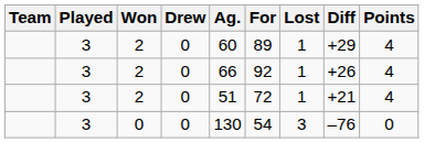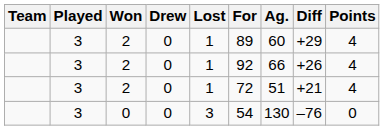 <table class="wikitable" style="text-align:center">
 <tr>
 <th>Team</th>
 <th>Played</th>
 <th>Won</th>
 <th>Drew</th>
+<th>Lost</th>
+<th>For</th>
 <th>Ag.</th>
-<th>For</th>
-<th>Lost</th>
 <th>Diff</th>
 <th>Points</th>
 </tr>
 <tr>
 <td align=left></td>
 <td>3</td>
 <td>2</td>
 <td>0</td>
+<td>1</td>
+<td>89</td>
 <td>60</td>
-<td>89</td>
-<td>1</td>
 <td>+29</td>
 <td>4</td>
 </tr>
 <tr>
 <td align=left></td>
 <td>3</td>
 <td>2</td>
 <td>0</td>
+<td>1</td>
+<td>92</td>
 <td>66</td>
-<td>92</td>
-<td>1</td>
 <td>+26</td>
 <td>4</td>
 </tr>
 <tr>
 <td align=left></td>
 <td>3</td>
 <td>2</td>
 <td>0</td>
+<td>1</td>
+<td>72</td>
 <td>51</td>
-<td>72</td>
-<td>1</td>
 <td>+21</td>
 <td>4</td>
 </tr>
 <tr>
 <td align=left></td>
 <td>3</td>
 <td>0</td>
 <td>0</td>
+<td>3</td>
+<td>54</td>
 <td>130</td>
-<td>54</td>
-<td>3</td>
 <td>–76</td>
 <td>0</td>
 </tr>
 </table>
